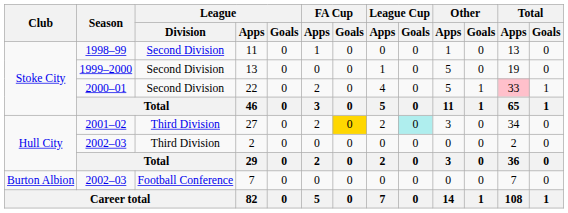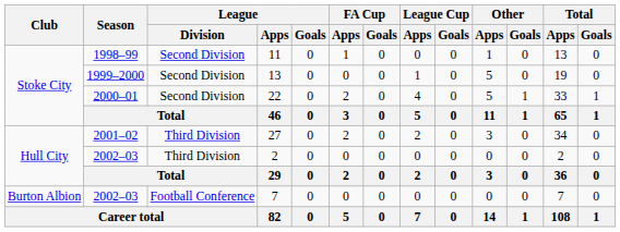 <table class="wikitable" style="text-align: center;">
 <tr>
 <th rowspan="2">Club</th>
 <th rowspan="2">Season</th>
 <th colspan="3">League</th>
 <th colspan="2">FA Cup</th>
 <th colspan="2">League Cup</th>
 <th colspan="2">Other</th>
 <th colspan="2">Total</th>
 </tr>
 <tr>
 <th>Division</th>
 <th>Apps</th>
 <th>Goals</th>
 <th>Apps</th>
 <th>Goals</th>
 <th>Apps</th>
 <th>Goals</th>
 <th>Apps</th>
 <th>Goals</th>
 <th>Apps</th>
 <th>Goals</th>
 </tr>
 <tr>
 <td rowspan="4"><a href='#'>Stoke City</a></td>
 <td><a href='#'>1998–99</a></td>
 <td><a href='#'>Second Division</a></td>
 <td>11</td>
 <td>0</td>
 <td>1</td>
 <td>0</td>
 <td>0</td>
 <td>0</td>
 <td>1</td>
 <td>0</td>
 <td>13</td>
 <td>0</td>
 </tr>
 <tr>
 <td><a href='#'>1999–2000</a></td>
 <td>Second Division</td>
 <td>13</td>
 <td>0</td>
 <td>0</td>
 <td>0</td>
 <td>1</td>
 <td>0</td>
 <td>5</td>
 <td>0</td>
 <td>19</td>
 <td>0</td>
 </tr>
 <tr>
 <td><a href='#'>2000–01</a></td>
 <td>Second Division</td>
 <td>22</td>
 <td>0</td>
 <td>2</td>
 <td>0</td>
 <td>4</td>
 <td>0</td>
 <td>5</td>
 <td>1</td>
-<td style="background: pink;">33</td>
+<td>33</td>
 <td>1</td>
 </tr>
 <tr>
 <th colspan="2">Total</th>
 <th>46</th>
 <th>0</th>
 <th>3</th>
 <th>0</th>
 <th>5</th>
 <th>0</th>
 <th>11</th>
 <th>1</th>
 <th>65</th>
 <th>1</th>
 </tr>
 <tr>
 <td rowspan="3"><a href='#'>Hull City</a></td>
 <td><a href='#'>2001–02</a></td>
 <td><a href='#'>Third Division</a></td>
 <td>27</td>
 <td>0</td>
 <td>2</td>
-<td style="background: gold;">0</td>
+<td>0</td>
 <td>2</td>
-<td style="background: paleturquoise;">0</td>
+<td>0</td>
 <td>3</td>
 <td>0</td>
 <td>34</td>
 <td>0</td>
 </tr>
 <tr>
 <td><a href='#'>2002–03</a></td>
 <td>Third Division</td>
 <td>2</td>
 <td>0</td>
 <td>0</td>
 <td>0</td>
 <td>0</td>
 <td>0</td>
 <td>0</td>
 <td>0</td>
 <td>2</td>
 <td>0</td>
 </tr>
 <tr>
 <th colspan="2">Total</th>
 <th>29</th>
 <th>0</th>
 <th>2</th>
 <th>0</th>
 <th>2</th>
 <th>0</th>
 <th>3</th>
 <th>0</th>
 <th>36</th>
 <th>0</th>
 </tr>
 <tr>
 <td><a href='#'>Burton Albion</a></td>
 <td><a href='#'>2002–03</a></td>
 <td><a href='#'>Football Conference</a></td>
 <td>7</td>
 <td>0</td>
 <td>0</td>
 <td>0</td>
 <td>0</td>
 <td>0</td>
 <td>0</td>
 <td>0</td>
 <td>7</td>
 <td>0</td>
 </tr>
 <tr>
 <th colspan="3">Career total</th>
 <th>82</th>
 <th>0</th>
 <th>5</th>
 <th>0</th>
 <th>7</th>
 <th>0</th>
 <th>14</th>
 <th>1</th>
 <th>108</th>
 <th>1</th>
 </tr>
 </table>
